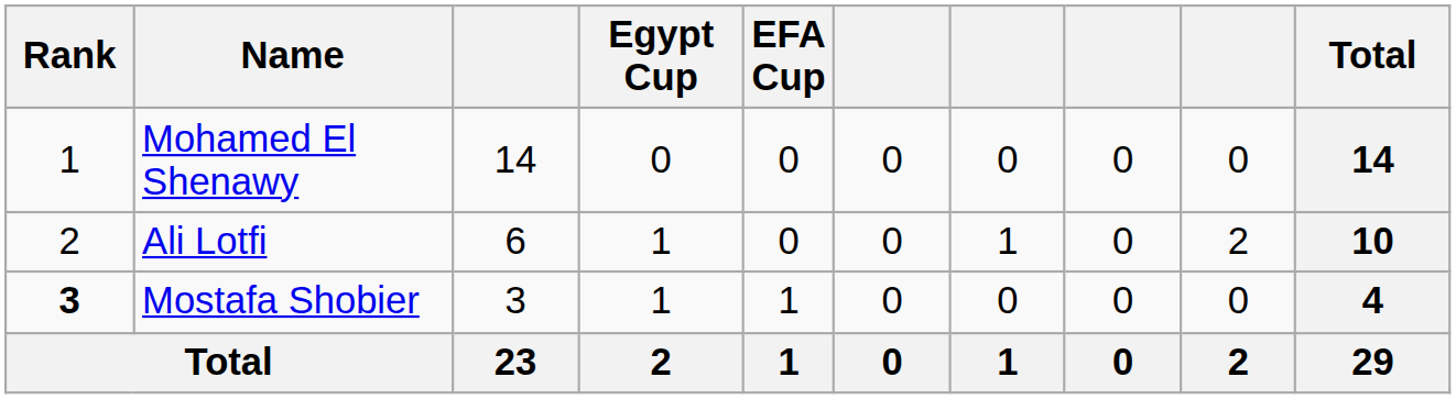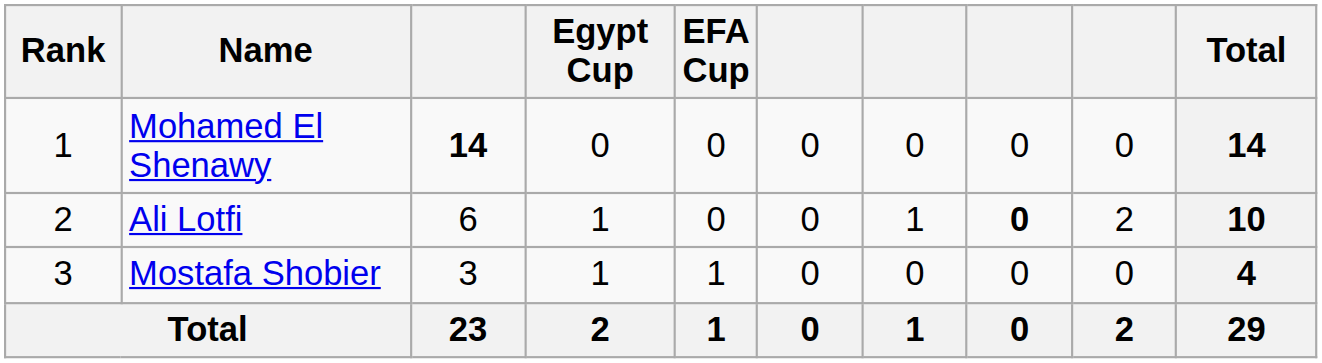 <table class=wikitable style=text-align:center;>
 <tr>
 <th style=width:56px;>Rank</th>
 <th style=width:200px;>Name</th>
 <th style=width:84px;></th>
 <th style=width:84px;>Egypt Cup</th>
 <th>EFA Cup</th>
 <th style=width:84px;></th>
 <th style=width:84px;></th>
 <th style=width:84px;></th>
 <th style=width:84px;></th>
 <th style=width:84px;>Total</th>
 </tr>
 <tr>
 <td>1</td>
 <td align="left"> <a href='#'>Mohamed El Shenawy</a></td>
-<td>14</td>
+<td><strong>14</strong></td>
 <td>0</td>
 <td>0</td>
 <td>0</td>
 <td>0</td>
 <td>0</td>
 <td>0</td>
 <th>14</th>
 </tr>
 <tr>
 <td>2</td>
 <td align="left"> <a href='#'>Ali Lotfi</a></td>
 <td>6</td>
 <td>1</td>
 <td>0</td>
 <td>0</td>
 <td>1</td>
-<td>0</td>
+<td><strong>0</strong></td>
 <td>2</td>
 <th>10</th>
 </tr>
 <tr>
-<td><strong>3</strong></td>
+<td>3</td>
 <td align=left> <a href='#'>Mostafa Shobier</a></td>
 <td>3</td>
 <td>1</td>
 <td>1</td>
 <td>0</td>
 <td>0</td>
 <td>0</td>
 <td>0</td>
 <th>4</th>
 </tr>
 <tr>
 <th colspan=2>Total</th>
 <th>23</th>
 <th>2</th>
 <th>1</th>
 <th>0</th>
 <th>1</th>
 <th>0</th>
 <th>2</th>
 <th>29</th>
 </tr>
 </table>
